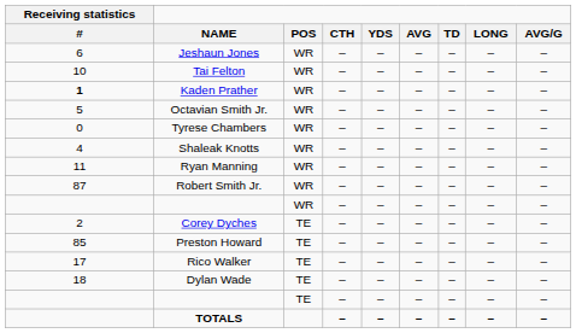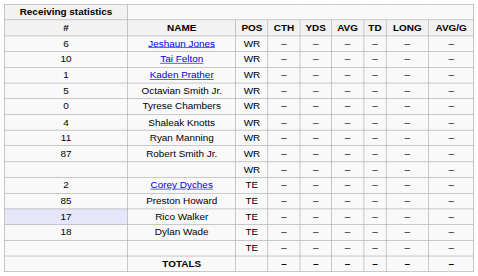 <table style="width:60%; text-align:center;" class="wikitable collapsible collapsed">
 <tr>
 <th style="text-align:center; ">Receiving statistics</th>
 </tr>
 <tr>
 <th>#</th>
 <th>NAME</th>
 <th>POS</th>
 <th>CTH</th>
 <th>YDS</th>
 <th>AVG</th>
 <th>TD</th>
 <th>LONG</th>
 <th>AVG/G</th>
 </tr>
 <tr>
 <td>6</td>
 <td><a href='#'>Jeshaun Jones</a></td>
 <td>WR</td>
 <td>–</td>
 <td>–</td>
 <td>–</td>
 <td>–</td>
 <td>–</td>
 <td>–</td>
 </tr>
 <tr>
 <td>10</td>
 <td><a href='#'>Tai Felton</a></td>
 <td>WR</td>
 <td>–</td>
 <td>–</td>
 <td>–</td>
 <td>–</td>
 <td>–</td>
 <td>–</td>
 </tr>
 <tr>
-<td><strong>1</strong></td>
+<td>1</td>
 <td><a href='#'>Kaden Prather</a></td>
 <td>WR</td>
 <td>–</td>
 <td>–</td>
 <td>–</td>
 <td>–</td>
 <td>–</td>
 <td>–</td>
 </tr>
 <tr>
 <td>5</td>
 <td>Octavian Smith Jr.</td>
 <td>WR</td>
 <td>–</td>
 <td>–</td>
 <td>–</td>
 <td>–</td>
 <td>–</td>
 <td>–</td>
 </tr>
 <tr>
 <td>0</td>
 <td>Tyrese Chambers</td>
 <td>WR</td>
 <td>–</td>
 <td>–</td>
 <td>–</td>
 <td>–</td>
 <td>–</td>
 <td>–</td>
 </tr>
 <tr>
 <td>4</td>
 <td>Shaleak Knotts</td>
 <td>WR</td>
 <td>–</td>
 <td>–</td>
 <td>–</td>
 <td>–</td>
 <td>–</td>
 <td>–</td>
 </tr>
 <tr>
 <td>11</td>
 <td>Ryan Manning</td>
 <td>WR</td>
 <td>–</td>
 <td>–</td>
 <td>–</td>
 <td>–</td>
 <td>–</td>
 <td>–</td>
 </tr>
 <tr>
 <td>87</td>
 <td>Robert Smith Jr.</td>
 <td>WR</td>
 <td>–</td>
 <td>–</td>
 <td>–</td>
 <td>–</td>
 <td>–</td>
 <td>–</td>
 </tr>
 <tr>
 <td></td>
 <td></td>
 <td>WR</td>
 <td>–</td>
 <td>–</td>
 <td>–</td>
 <td>–</td>
 <td>–</td>
 <td>–</td>
 </tr>
 <tr>
 <td>2</td>
 <td><a href='#'>Corey Dyches</a></td>
 <td>TE</td>
 <td>–</td>
 <td>–</td>
 <td>–</td>
 <td>–</td>
 <td>–</td>
 <td>–</td>
 </tr>
 <tr>
 <td>85</td>
 <td>Preston Howard</td>
 <td>TE</td>
 <td>–</td>
 <td>–</td>
 <td>–</td>
 <td>–</td>
 <td>–</td>
 <td>–</td>
 </tr>
 <tr>
-<td>17</td>
+<td style="background: lavender;">17</td>
 <td>Rico Walker</td>
 <td>TE</td>
 <td>–</td>
 <td>–</td>
 <td>–</td>
 <td>–</td>
 <td>–</td>
 <td>–</td>
 </tr>
 <tr>
 <td>18</td>
 <td>Dylan Wade</td>
 <td>TE</td>
 <td>–</td>
 <td>–</td>
 <td>–</td>
 <td>–</td>
 <td>–</td>
 <td>–</td>
 </tr>
 <tr>
 <td></td>
 <td></td>
 <td>TE</td>
 <td>–</td>
 <td>–</td>
 <td>–</td>
 <td>–</td>
 <td>–</td>
 <td>–</td>
 </tr>
 <tr>
 <td></td>
 <td><strong>TOTALS</strong></td>
 <td></td>
 <td><strong>–</strong></td>
 <td><strong>–</strong></td>
 <td><strong>–</strong></td>
 <td><strong>–</strong></td>
 <td><strong>–</strong></td>
 <td><strong>–</strong></td>
 </tr>
 </table>
